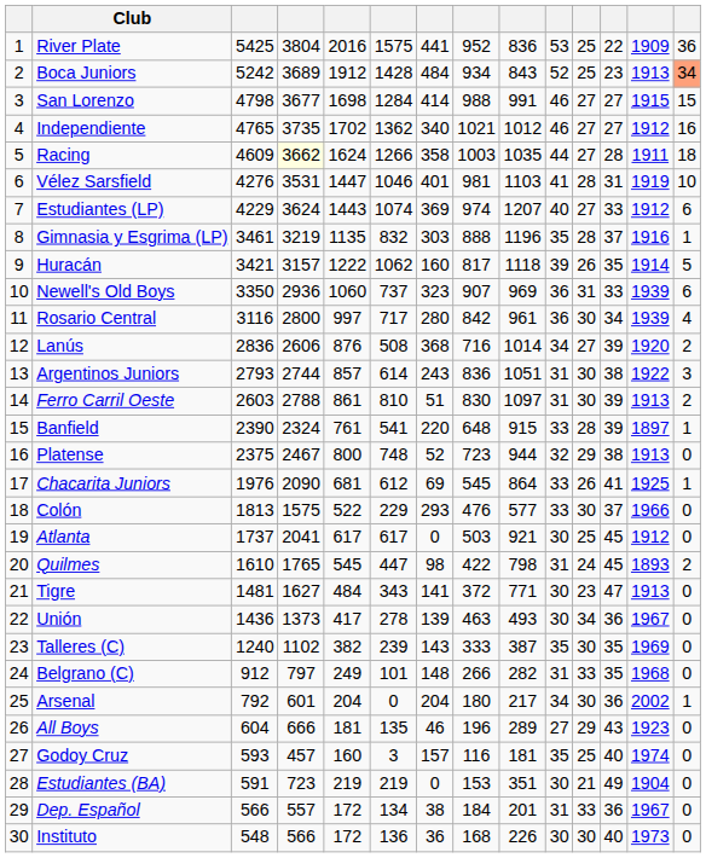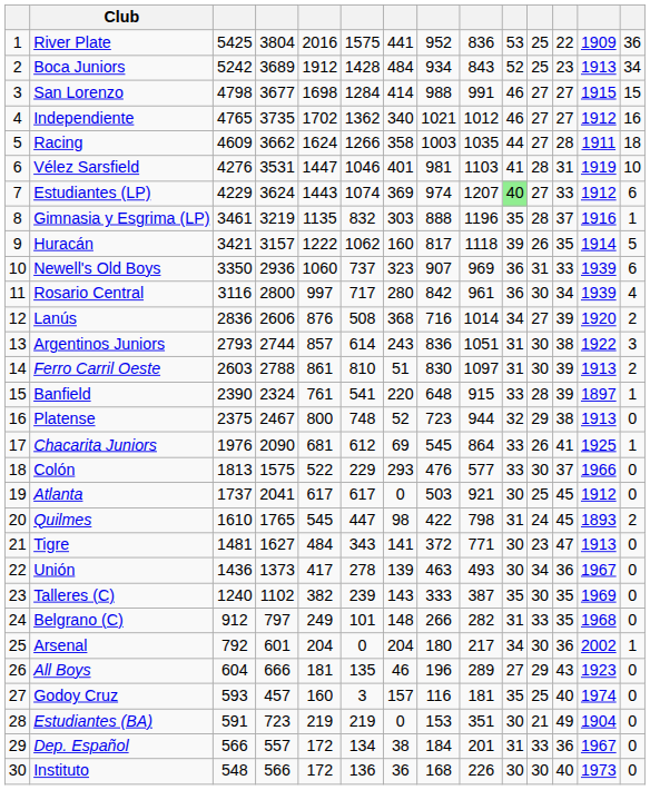 <table class="wikitable sortable" style="text-align:center">
 <tr>
 <th></th>
 <th>Club</th>
 <th><br> </th>
 <th></th>
 <th></th>
 <th> <br></th>
 <th> <br></th>
 <th></th>
 <th></th>
 <th></th>
 <th></th>
 <th></th>
 <th></th>
 <th></th>
 </tr>
 <tr>
 <td>1</td>
 <td align=left><a href='#'>River Plate</a></td>
 <td>5425</td>
 <td>3804</td>
 <td>2016</td>
 <td>1575</td>
 <td>441</td>
 <td>952</td>
 <td>836</td>
 <td>53</td>
 <td>25</td>
 <td>22</td>
 <td><a href='#'>1909</a></td>
 <td>36</td>
 </tr>
 <tr>
 <td>2</td>
 <td align=left><a href='#'>Boca Juniors</a></td>
 <td>5242</td>
 <td>3689</td>
 <td>1912</td>
 <td>1428</td>
 <td>484</td>
 <td>934</td>
 <td>843</td>
 <td>52</td>
 <td>25</td>
 <td>23</td>
 <td><a href='#'>1913</a></td>
-<td style="background: lightsalmon;">34</td>
+<td>34</td>
 </tr>
 <tr>
 <td>3</td>
 <td align=left><a href='#'>San Lorenzo</a></td>
 <td>4798</td>
 <td>3677</td>
 <td>1698</td>
 <td>1284</td>
 <td>414</td>
 <td>988</td>
 <td>991</td>
 <td>46</td>
 <td>27</td>
 <td>27</td>
 <td><a href='#'>1915</a></td>
 <td>15</td>
 </tr>
 <tr>
 <td>4</td>
 <td align=left><a href='#'>Independiente</a></td>
 <td>4765</td>
 <td>3735</td>
 <td>1702</td>
 <td>1362</td>
 <td>340</td>
 <td>1021</td>
 <td>1012</td>
 <td>46</td>
 <td>27</td>
 <td>27</td>
 <td><a href='#'>1912</a></td>
 <td>16</td>
 </tr>
 <tr>
 <td>5</td>
 <td align=left><a href='#'>Racing</a></td>
 <td>4609</td>
-<td style="background: lightyellow;">3662</td>
+<td>3662</td>
 <td>1624</td>
 <td>1266</td>
 <td>358</td>
 <td>1003</td>
 <td>1035</td>
 <td>44</td>
 <td>27</td>
 <td>28</td>
 <td><a href='#'>1911</a></td>
 <td>18</td>
 </tr>
 <tr>
 <td>6</td>
 <td align=left><a href='#'>Vélez Sarsfield</a></td>
 <td>4276</td>
 <td>3531</td>
 <td>1447</td>
 <td>1046</td>
 <td>401</td>
 <td>981</td>
 <td>1103</td>
 <td>41</td>
 <td>28</td>
 <td>31</td>
 <td><a href='#'>1919</a></td>
 <td>10</td>
 </tr>
 <tr>
 <td>7</td>
 <td align=left><a href='#'>Estudiantes (LP)</a></td>
 <td>4229</td>
 <td>3624</td>
 <td>1443</td>
 <td>1074</td>
 <td>369</td>
 <td>974</td>
 <td>1207</td>
-<td>40</td>
+<td style="background: lightgreen;">40</td>
 <td>27</td>
 <td>33</td>
 <td><a href='#'>1912</a></td>
 <td>6</td>
 </tr>
 <tr>
 <td>8</td>
 <td align=left><a href='#'>Gimnasia y Esgrima (LP)</a></td>
 <td>3461</td>
 <td>3219</td>
 <td>1135</td>
 <td>832</td>
 <td>303</td>
 <td>888</td>
 <td>1196</td>
 <td>35</td>
 <td>28</td>
 <td>37</td>
 <td><a href='#'>1916</a></td>
 <td>1</td>
 </tr>
 <tr>
 <td>9</td>
 <td align=left><a href='#'>Huracán</a></td>
 <td>3421</td>
 <td>3157</td>
 <td>1222</td>
 <td>1062</td>
 <td>160</td>
 <td>817</td>
 <td>1118</td>
 <td>39</td>
 <td>26</td>
 <td>35</td>
 <td><a href='#'>1914</a></td>
 <td>5</td>
 </tr>
 <tr>
 <td>10</td>
 <td align=left><a href='#'>Newell's Old Boys</a></td>
 <td>3350</td>
 <td>2936</td>
 <td>1060</td>
 <td>737</td>
 <td>323</td>
 <td>907</td>
 <td>969</td>
 <td>36</td>
 <td>31</td>
 <td>33</td>
 <td><a href='#'>1939</a></td>
 <td>6</td>
 </tr>
 <tr>
 <td>11</td>
 <td align=left><a href='#'>Rosario Central</a></td>
 <td>3116</td>
 <td>2800</td>
 <td>997</td>
 <td>717</td>
 <td>280</td>
 <td>842</td>
 <td>961</td>
 <td>36</td>
 <td>30</td>
 <td>34</td>
 <td><a href='#'>1939</a></td>
 <td>4</td>
 </tr>
 <tr>
 <td>12</td>
 <td align=left><a href='#'>Lanús</a></td>
 <td>2836</td>
 <td>2606</td>
 <td>876</td>
 <td>508</td>
 <td>368</td>
 <td>716</td>
 <td>1014</td>
 <td>34</td>
 <td>27</td>
 <td>39</td>
 <td><a href='#'>1920</a></td>
 <td>2</td>
 </tr>
 <tr>
 <td>13</td>
 <td align=left><a href='#'>Argentinos Juniors</a></td>
 <td>2793</td>
 <td>2744</td>
 <td>857</td>
 <td>614</td>
 <td>243</td>
 <td>836</td>
 <td>1051</td>
 <td>31</td>
 <td>30</td>
 <td>38</td>
 <td><a href='#'>1922</a></td>
 <td>3</td>
 </tr>
 <tr>
 <td>14</td>
 <td align=left><em><a href='#'>Ferro Carril Oeste</a></em></td>
 <td>2603</td>
 <td>2788</td>
 <td>861</td>
 <td>810</td>
 <td>51</td>
 <td>830</td>
 <td>1097</td>
 <td>31</td>
 <td>30</td>
 <td>39</td>
 <td><a href='#'>1913</a></td>
 <td>2</td>
 </tr>
 <tr>
 <td>15</td>
 <td align=left><a href='#'>Banfield</a></td>
 <td>2390</td>
 <td>2324</td>
 <td>761</td>
 <td>541</td>
 <td>220</td>
 <td>648</td>
 <td>915</td>
 <td>33</td>
 <td>28</td>
 <td>39</td>
 <td><a href='#'>1897</a></td>
 <td>1</td>
 </tr>
 <tr>
 <td>16</td>
 <td align=left><a href='#'>Platense</a></td>
 <td>2375</td>
 <td>2467</td>
 <td>800</td>
 <td>748</td>
 <td>52</td>
 <td>723</td>
 <td>944</td>
 <td>32</td>
 <td>29</td>
 <td>38</td>
 <td><a href='#'>1913</a></td>
 <td>0</td>
 </tr>
 <tr>
 <td>17</td>
 <td align=left><em><a href='#'>Chacarita Juniors</a></em></td>
 <td>1976</td>
 <td>2090</td>
 <td>681</td>
 <td>612</td>
 <td>69</td>
 <td>545</td>
 <td>864</td>
 <td>33</td>
 <td>26</td>
 <td>41</td>
 <td><a href='#'>1925</a></td>
 <td>1</td>
 </tr>
 <tr>
 <td>18</td>
 <td align=left><a href='#'>Colón</a></td>
 <td>1813</td>
 <td>1575</td>
 <td>522</td>
 <td>229</td>
 <td>293</td>
 <td>476</td>
 <td>577</td>
 <td>33</td>
 <td>30</td>
 <td>37</td>
 <td><a href='#'>1966</a></td>
 <td>0</td>
 </tr>
 <tr>
 <td>19</td>
 <td align=left><em><a href='#'>Atlanta</a></em></td>
 <td>1737</td>
 <td>2041</td>
 <td>617</td>
 <td>617</td>
 <td>0</td>
 <td>503</td>
 <td>921</td>
 <td>30</td>
 <td>25</td>
 <td>45</td>
 <td><a href='#'>1912</a></td>
 <td>0</td>
 </tr>
 <tr>
 <td>20</td>
 <td align=left><em><a href='#'>Quilmes</a></em></td>
 <td>1610</td>
 <td>1765</td>
 <td>545</td>
 <td>447</td>
 <td>98</td>
 <td>422</td>
 <td>798</td>
 <td>31</td>
 <td>24</td>
 <td>45</td>
 <td><a href='#'>1893</a> </td>
 <td>2</td>
 </tr>
 <tr>
 <td>21</td>
 <td align=left><a href='#'>Tigre</a></td>
 <td>1481</td>
 <td>1627</td>
 <td>484</td>
 <td>343</td>
 <td>141</td>
 <td>372</td>
 <td>771</td>
 <td>30</td>
 <td>23</td>
 <td>47</td>
 <td><a href='#'>1913</a></td>
 <td>0</td>
 </tr>
 <tr>
 <td>22</td>
 <td align=left><a href='#'>Unión</a></td>
 <td>1436</td>
 <td>1373</td>
 <td>417</td>
 <td>278</td>
 <td>139</td>
 <td>463</td>
 <td>493</td>
 <td>30</td>
 <td>34</td>
 <td>36</td>
 <td><a href='#'>1967</a></td>
 <td>0</td>
 </tr>
 <tr>
 <td>23</td>
 <td align=left><a href='#'>Talleres (C)</a></td>
 <td>1240</td>
 <td>1102</td>
 <td>382</td>
 <td>239</td>
 <td>143</td>
 <td>333</td>
 <td>387</td>
 <td>35</td>
 <td>30</td>
 <td>35</td>
 <td><a href='#'>1969</a></td>
 <td>0</td>
 </tr>
 <tr>
 <td>24</td>
 <td align=left><a href='#'>Belgrano (C)</a></td>
 <td>912</td>
 <td>797</td>
 <td>249</td>
 <td>101</td>
 <td>148</td>
 <td>266</td>
 <td>282</td>
 <td>31</td>
 <td>33</td>
 <td>35</td>
 <td><a href='#'>1968</a></td>
 <td>0</td>
 </tr>
 <tr>
 <td>25</td>
 <td align=left><a href='#'>Arsenal</a></td>
 <td>792</td>
 <td>601</td>
 <td>204</td>
 <td>0</td>
 <td>204</td>
 <td>180</td>
 <td>217</td>
 <td>34</td>
 <td>30</td>
 <td>36</td>
 <td><a href='#'>2002</a></td>
 <td>1</td>
 </tr>
 <tr>
 <td>26</td>
 <td align=left><em><a href='#'>All Boys</a></em></td>
 <td>604</td>
 <td>666</td>
 <td>181</td>
 <td>135</td>
 <td>46</td>
 <td>196</td>
 <td>289</td>
 <td>27</td>
 <td>29</td>
 <td>43</td>
 <td><a href='#'>1923</a></td>
 <td>0</td>
 </tr>
 <tr>
 <td>27</td>
 <td align=left><a href='#'>Godoy Cruz</a></td>
 <td>593</td>
 <td>457</td>
 <td>160</td>
 <td>3</td>
 <td>157</td>
 <td>116</td>
 <td>181</td>
 <td>35</td>
 <td>25</td>
 <td>40</td>
 <td><a href='#'>1974</a></td>
 <td>0</td>
 </tr>
 <tr>
 <td>28</td>
 <td align=left><em><a href='#'>Estudiantes (BA)</a></em></td>
 <td>591</td>
 <td>723</td>
 <td>219</td>
 <td>219</td>
 <td>0</td>
 <td>153</td>
 <td>351</td>
 <td>30</td>
 <td>21</td>
 <td>49</td>
 <td><a href='#'>1904</a></td>
 <td>0</td>
 </tr>
 <tr>
 <td>29</td>
 <td align=left><em><a href='#'>Dep. Español</a></em></td>
 <td>566</td>
 <td>557</td>
 <td>172</td>
 <td>134</td>
 <td>38</td>
 <td>184</td>
 <td>201</td>
 <td>31</td>
 <td>33</td>
 <td>36</td>
 <td><a href='#'>1967</a></td>
 <td>0</td>
 </tr>
 <tr>
 <td>30</td>
 <td align=left><a href='#'>Instituto</a></td>
 <td>548</td>
 <td>566</td>
 <td>172</td>
 <td>136</td>
 <td>36</td>
 <td>168</td>
 <td>226</td>
 <td>30</td>
 <td>30</td>
 <td>40</td>
 <td><a href='#'>1973</a></td>
 <td>0</td>
 </tr>
 </table>
